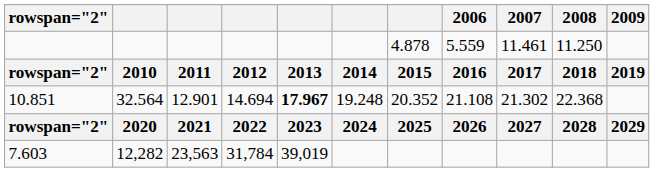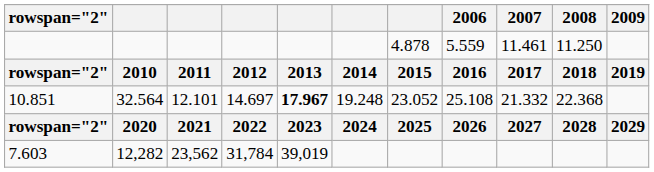 <table class="wikitable">
 <tr style="background: #cccccc;">
 </tr>
 <tr>
 <th>rowspan="2" </th>
 <th></th>
 <th></th>
 <th></th>
 <th></th>
 <th></th>
 <th></th>
 <th>2006</th>
 <th>2007</th>
 <th>2008</th>
 <th>2009</th>
 </tr>
 <tr>
 <td></td>
 <td></td>
 <td></td>
 <td></td>
 <td></td>
 <td></td>
 <td>4.878</td>
 <td>5.559</td>
 <td>11.461</td>
 <td>11.250</td>
 </tr>
 <tr>
 <th>rowspan="2" </th>
 <th>2010</th>
 <th>2011</th>
 <th>2012</th>
 <th>2013</th>
 <th>2014</th>
 <th>2015</th>
 <th>2016</th>
 <th>2017</th>
 <th>2018</th>
 <th>2019</th>
 </tr>
 <tr>
 <td>10.851</td>
 <td>32.564</td>
-<td>12.901</td>
-<td>14.694</td>
+<td>12.101</td>
+<td>14.697</td>
 <td><strong>17.967</strong></td>
 <td>19.248</td>
-<td>20.352</td>
-<td>21.108</td>
-<td>21.302</td>
+<td>23.052</td>
+<td>25.108</td>
+<td>21.332</td>
 <td>22.368</td>
 </tr>
 <tr>
 <th>rowspan="2" </th>
 <th>2020</th>
 <th>2021</th>
 <th>2022</th>
 <th>2023</th>
 <th>2024</th>
 <th>2025</th>
 <th>2026</th>
 <th>2027</th>
 <th>2028</th>
 <th>2029</th>
 </tr>
 <tr>
 <td>7.603</td>
 <td>12,282</td>
-<td>23,563</td>
+<td>23,562</td>
 <td>31,784</td>
 <td>39,019</td>
 <td></td>
 <td></td>
 <td></td>
 <td></td>
 <td></td>
 </tr>
 </table>
